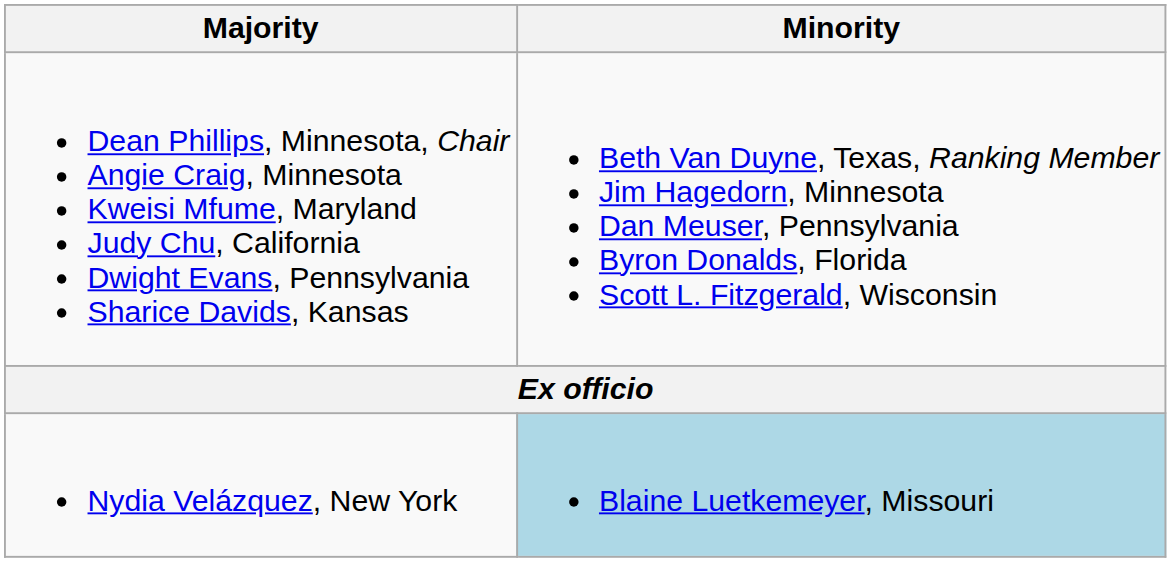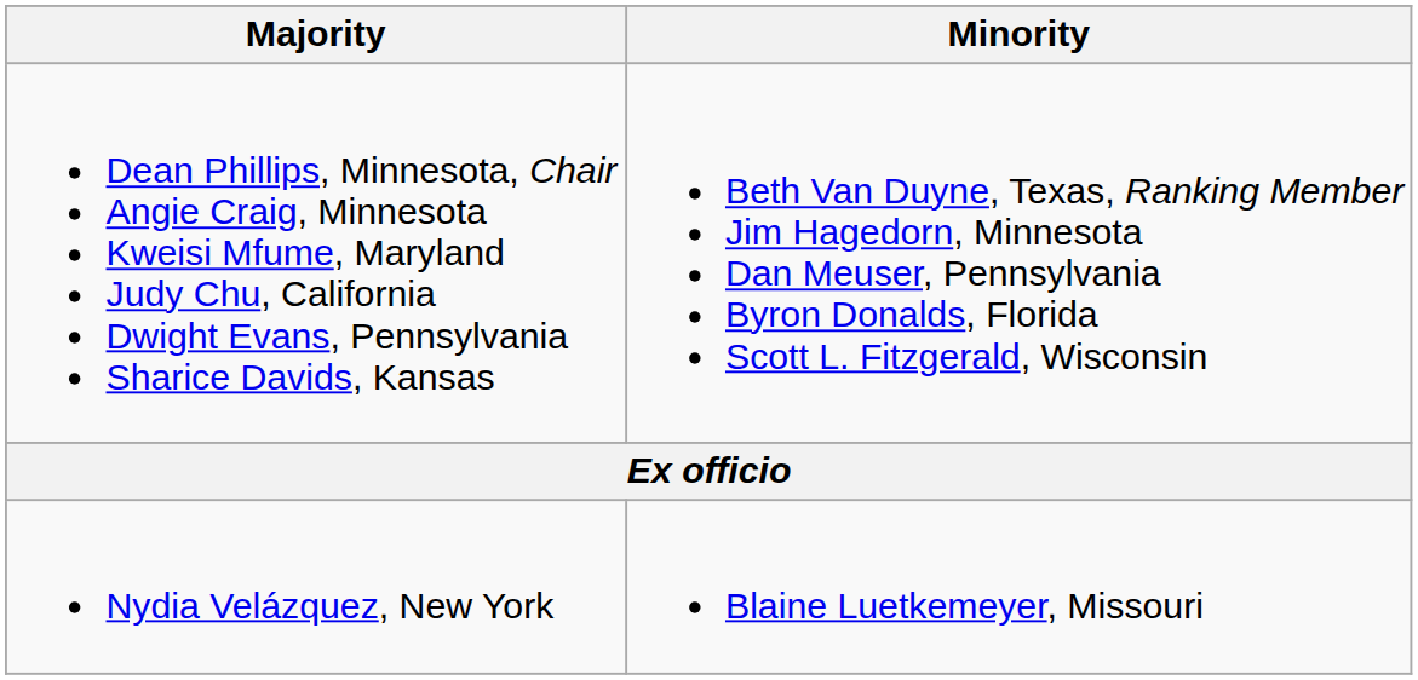 <table class=wikitable>
 <tr>
 <th>Majority</th>
 <th>Minority</th>
 </tr>
 <tr>
 <td><br><ul><li><a href='#'>Dean Phillips</a>, Minnesota, <em>Chair</em></li><li><a href='#'>Angie Craig</a>, Minnesota</li><li><a href='#'>Kweisi Mfume</a>, Maryland</li><li><a href='#'>Judy Chu</a>, California</li><li><a href='#'>Dwight Evans</a>, Pennsylvania</li><li><a href='#'>Sharice Davids</a>, Kansas</li></ul></td>
 <td><br><ul><li><a href='#'>Beth Van Duyne</a>, Texas, <em>Ranking Member</em></li><li><a href='#'>Jim Hagedorn</a>, Minnesota</li><li><a href='#'>Dan Meuser</a>, Pennsylvania</li><li><a href='#'>Byron Donalds</a>, Florida</li><li><a href='#'>Scott L. Fitzgerald</a>, Wisconsin</li></ul></td>
 </tr>
 <tr>
 <th colspan=2><em>Ex officio</em></th>
 </tr>
 <tr>
 <td><br><ul><li><a href='#'>Nydia Velázquez</a>, New York</li></ul></td>
-<td style="background: lightblue;"><br><ul><li><a href='#'>Blaine Luetkemeyer</a>, Missouri</li></ul></td>
+<td><br><ul><li><a href='#'>Blaine Luetkemeyer</a>, Missouri</li></ul></td>
 </tr>
 </table>
